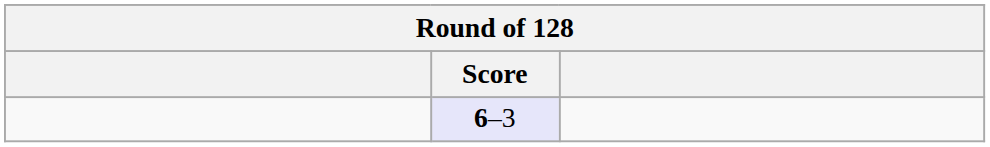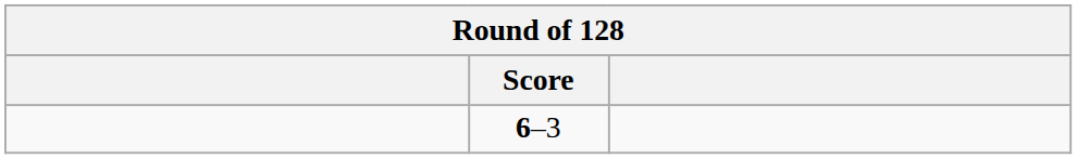 <table class="wikitable" style="text-align: center; font-size:90% ">
 <tr>
 <th colspan=3>Round of 128</th>
 </tr>
 <tr>
 <th width=215></th>
 <th width=60>Score</th>
 <th width=215></th>
 </tr>
 <tr>
 <td align=left><strong></strong></td>
-<td style="background: lavender;"><strong>6</strong>–3</td>
+<td><strong>6</strong>–3</td>
 <td align=left></td>
 </tr>
 </table>
